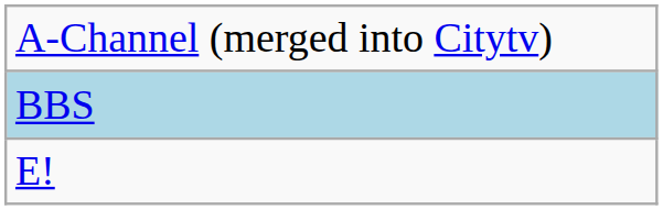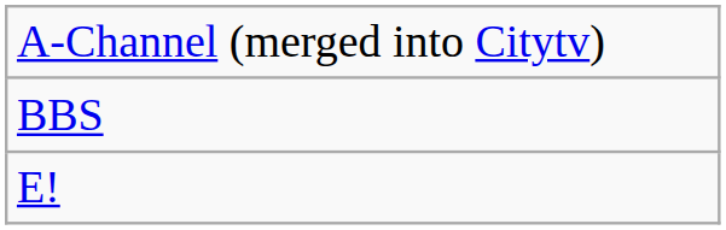 <table class="wikitable" width="250px">
 <tr>
 <td><a href='#'>A-Channel</a> (merged into <a href='#'>Citytv</a>)</td>
 </tr>
 <tr>
-<td style="background: lightblue;"><a href='#'>BBS</a></td>
+<td><a href='#'>BBS</a></td>
 </tr>
 <tr>
 <td><a href='#'>E!</a></td>
 </tr>
 </table>
